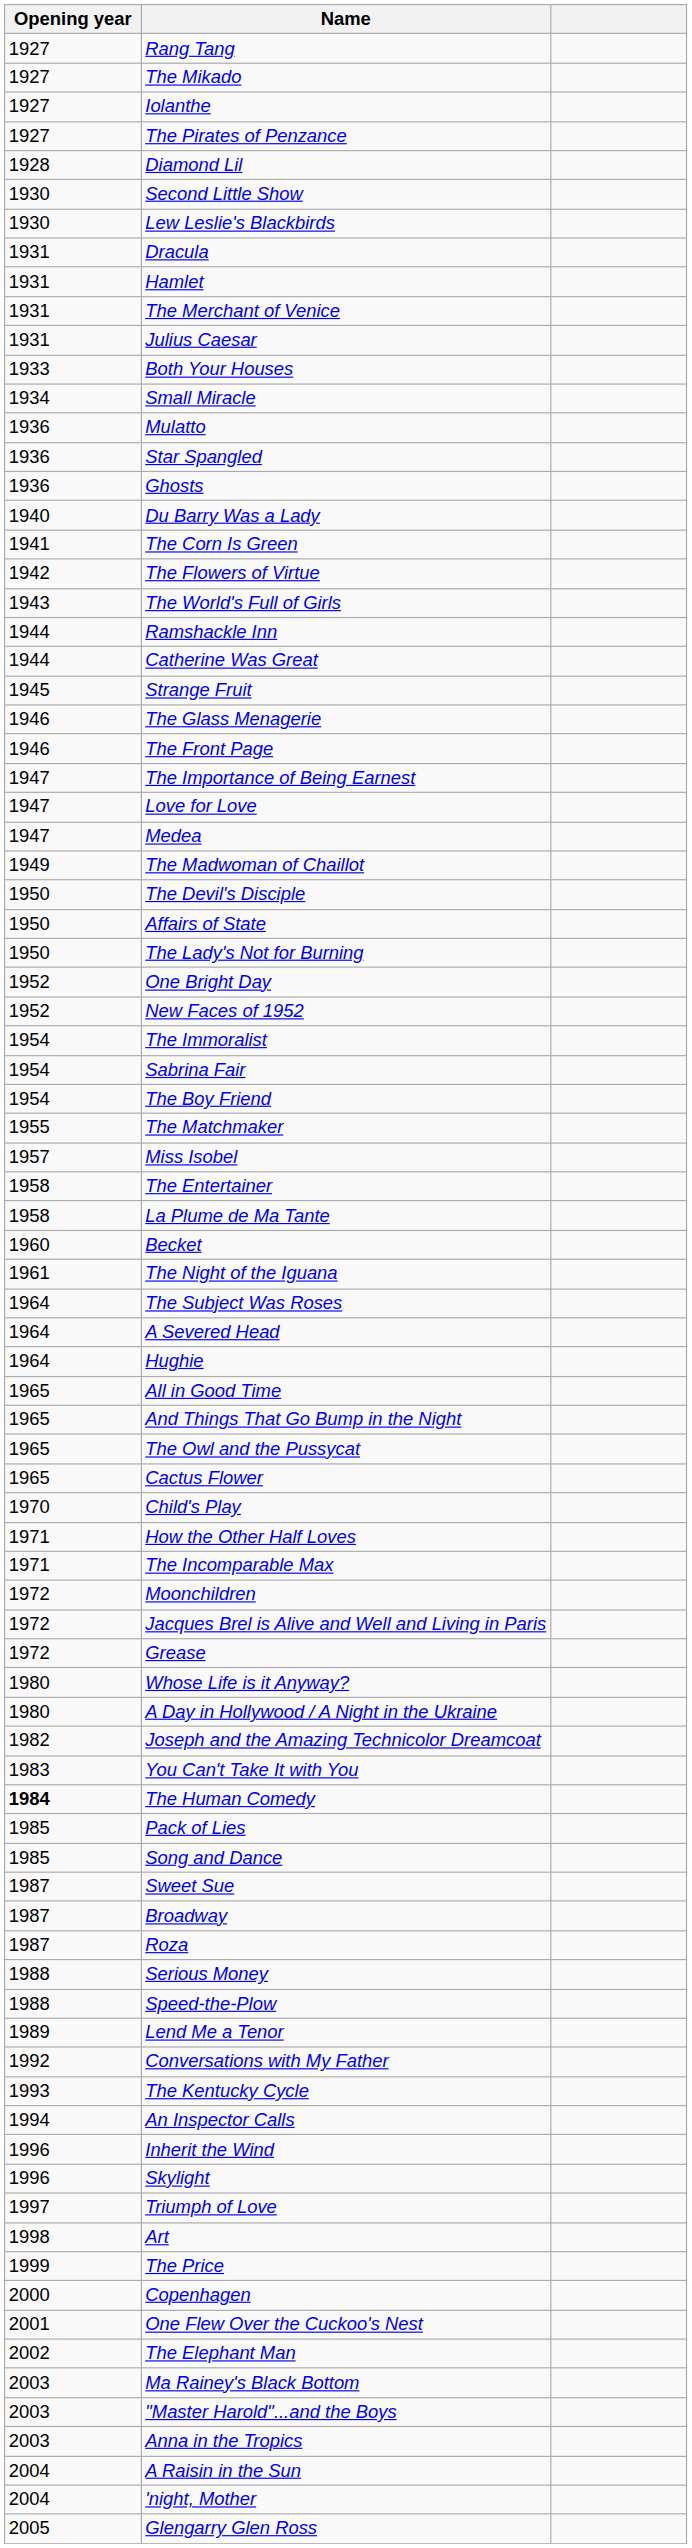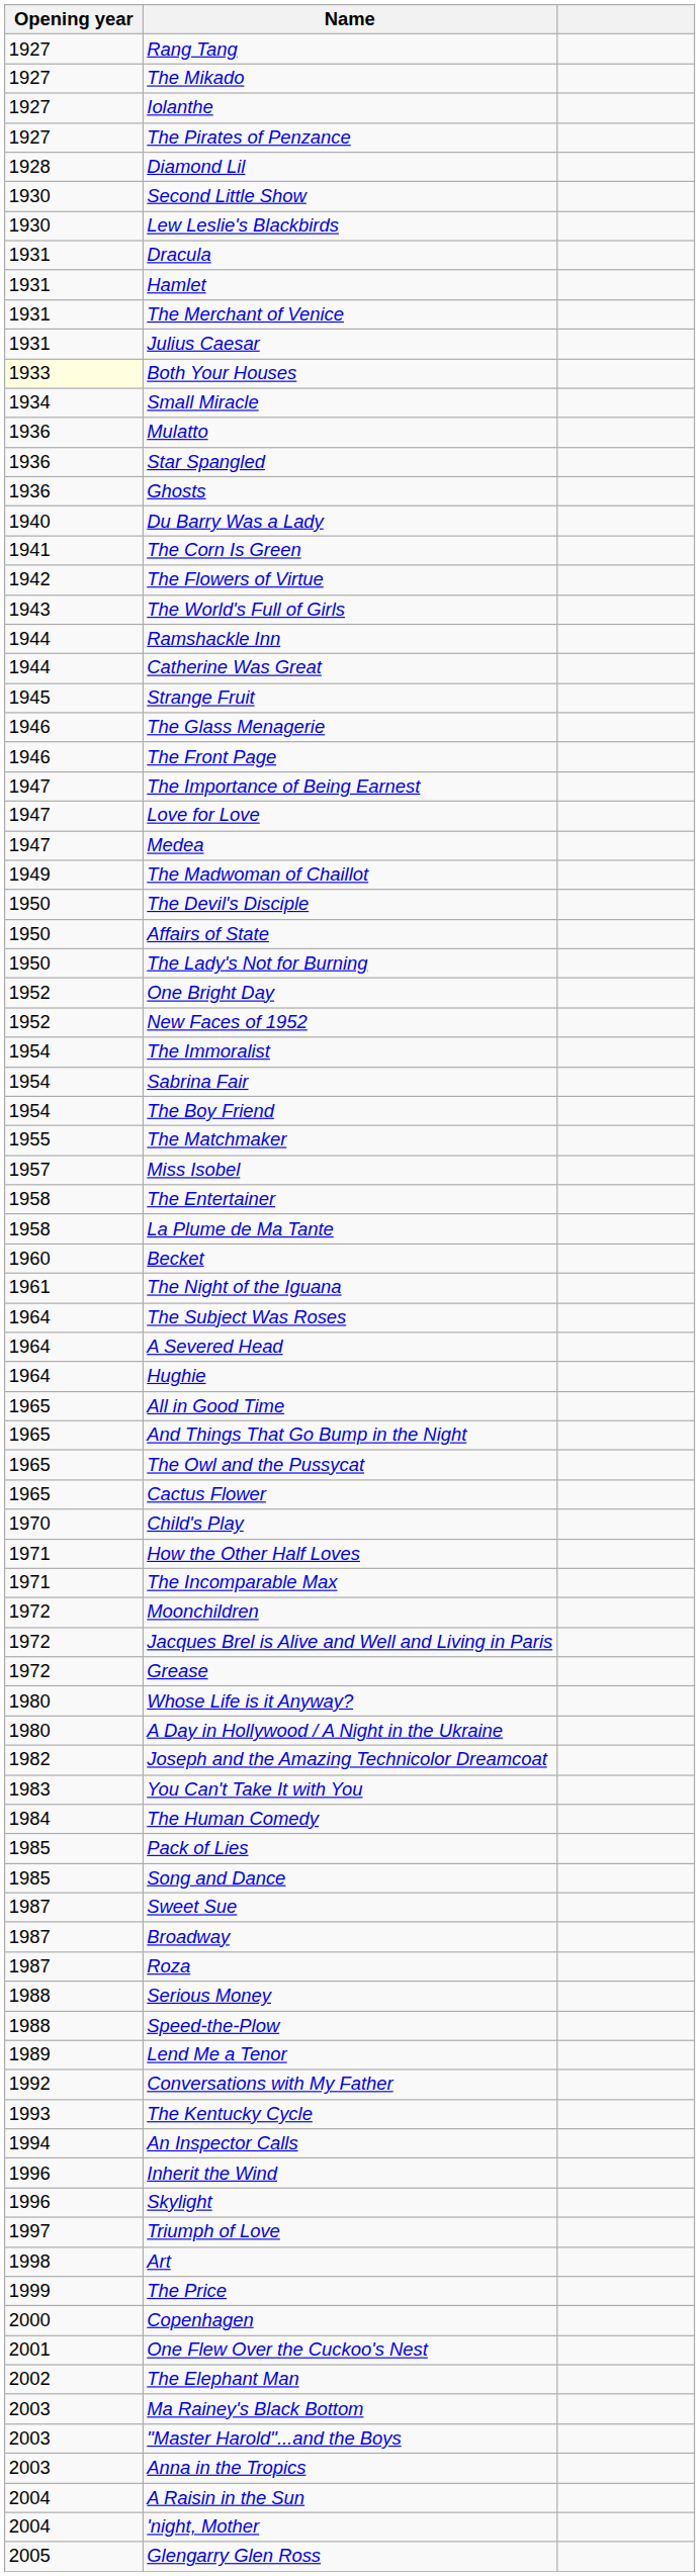 <table class="wikitable sortable collapsible">
 <tr>
 <th width=20% scope="col">Opening year</th>
 <th width=60% scope="col">Name</th>
 <th width=20% scope="col" class="unsortable"></th>
 </tr>
 <tr>
 <td>1927</td>
 <td><em><a href='#'>Rang Tang</a></em></td>
 <td></td>
 </tr>
 <tr>
 <td>1927</td>
 <td><em><a href='#'>The Mikado</a></em></td>
 <td></td>
 </tr>
 <tr>
 <td>1927</td>
 <td><em><a href='#'>Iolanthe</a></em></td>
 <td></td>
 </tr>
 <tr>
 <td>1927</td>
 <td><em><a href='#'>The Pirates of Penzance</a></em></td>
 <td></td>
 </tr>
 <tr>
 <td>1928</td>
 <td><em><a href='#'>Diamond Lil</a></em></td>
 <td></td>
 </tr>
 <tr>
 <td>1930</td>
 <td><em><a href='#'>Second Little Show</a></em></td>
 <td></td>
 </tr>
 <tr>
 <td>1930</td>
 <td><em><a href='#'>Lew Leslie's Blackbirds</a></em></td>
 <td></td>
 </tr>
 <tr>
 <td>1931</td>
 <td><em><a href='#'>Dracula</a></em></td>
 <td></td>
 </tr>
 <tr>
 <td>1931</td>
 <td><em><a href='#'>Hamlet</a></em></td>
 <td></td>
 </tr>
 <tr>
 <td>1931</td>
 <td><em><a href='#'>The Merchant of Venice</a></em></td>
 <td></td>
 </tr>
 <tr>
 <td>1931</td>
 <td><em><a href='#'>Julius Caesar</a></em></td>
 <td></td>
 </tr>
 <tr>
-<td>1933</td>
+<td style="background: lightyellow;">1933</td>
 <td><em><a href='#'>Both Your Houses</a></em></td>
 <td></td>
 </tr>
 <tr>
 <td>1934</td>
 <td><em><a href='#'>Small Miracle</a></em></td>
 <td></td>
 </tr>
 <tr>
 <td>1936</td>
 <td><em><a href='#'>Mulatto</a></em></td>
 <td></td>
 </tr>
 <tr>
 <td>1936</td>
 <td><em><a href='#'>Star Spangled</a></em></td>
 <td></td>
 </tr>
 <tr>
 <td>1936</td>
 <td><em><a href='#'>Ghosts</a></em></td>
 <td></td>
 </tr>
 <tr>
 <td>1940</td>
 <td><em><a href='#'>Du Barry Was a Lady</a></em></td>
 <td></td>
 </tr>
 <tr>
 <td>1941</td>
 <td><em><a href='#'>The Corn Is Green</a></em></td>
 <td></td>
 </tr>
 <tr>
 <td>1942</td>
 <td><em><a href='#'>The Flowers of Virtue</a></em></td>
 <td></td>
 </tr>
 <tr>
 <td>1943</td>
 <td><em><a href='#'>The World's Full of Girls</a></em></td>
 <td></td>
 </tr>
 <tr>
 <td>1944</td>
 <td><em><a href='#'>Ramshackle Inn</a></em></td>
 <td></td>
 </tr>
 <tr>
 <td>1944</td>
 <td><em><a href='#'>Catherine Was Great</a></em></td>
 <td></td>
 </tr>
 <tr>
 <td>1945</td>
 <td><em><a href='#'>Strange Fruit</a></em></td>
 <td></td>
 </tr>
 <tr>
 <td>1946</td>
 <td><em><a href='#'>The Glass Menagerie</a></em></td>
 <td></td>
 </tr>
 <tr>
 <td>1946</td>
 <td><em><a href='#'>The Front Page</a></em></td>
 <td></td>
 </tr>
 <tr>
 <td>1947</td>
 <td><em><a href='#'>The Importance of Being Earnest</a></em></td>
 <td></td>
 </tr>
 <tr>
 <td>1947</td>
 <td><em><a href='#'>Love for Love</a></em></td>
 <td></td>
 </tr>
 <tr>
 <td>1947</td>
 <td><em><a href='#'>Medea</a></em></td>
 <td></td>
 </tr>
 <tr>
 <td>1949</td>
 <td><em><a href='#'>The Madwoman of Chaillot</a></em></td>
 <td></td>
 </tr>
 <tr>
 <td>1950</td>
 <td><em><a href='#'>The Devil's Disciple</a></em></td>
 <td></td>
 </tr>
 <tr>
 <td>1950</td>
 <td><em><a href='#'>Affairs of State</a></em></td>
 <td></td>
 </tr>
 <tr>
 <td>1950</td>
 <td><em><a href='#'>The Lady's Not for Burning</a></em></td>
 <td></td>
 </tr>
 <tr>
 <td>1952</td>
 <td><em><a href='#'>One Bright Day</a></em></td>
 <td></td>
 </tr>
 <tr>
 <td>1952</td>
 <td><em><a href='#'>New Faces of 1952</a></em></td>
 <td></td>
 </tr>
 <tr>
 <td>1954</td>
 <td><em><a href='#'>The Immoralist</a></em></td>
 <td></td>
 </tr>
 <tr>
 <td>1954</td>
 <td><em><a href='#'>Sabrina Fair</a></em></td>
 <td></td>
 </tr>
 <tr>
 <td>1954</td>
 <td><em><a href='#'>The Boy Friend</a></em></td>
 <td></td>
 </tr>
 <tr>
 <td>1955</td>
 <td><em><a href='#'>The Matchmaker</a></em></td>
 <td></td>
 </tr>
 <tr>
 <td>1957</td>
 <td><em><a href='#'>Miss Isobel</a></em></td>
 <td></td>
 </tr>
 <tr>
 <td>1958</td>
 <td><em><a href='#'>The Entertainer</a></em></td>
 <td></td>
 </tr>
 <tr>
 <td>1958</td>
 <td><em><a href='#'>La Plume de Ma Tante</a></em></td>
 <td></td>
 </tr>
 <tr>
 <td>1960</td>
 <td><em><a href='#'>Becket</a></em></td>
 <td></td>
 </tr>
 <tr>
 <td>1961</td>
 <td><em><a href='#'>The Night of the Iguana</a></em></td>
 <td></td>
 </tr>
 <tr>
 <td>1964</td>
 <td><em><a href='#'>The Subject Was Roses</a></em></td>
 <td></td>
 </tr>
 <tr>
 <td>1964</td>
 <td><em><a href='#'>A Severed Head</a></em></td>
 <td></td>
 </tr>
 <tr>
 <td>1964</td>
 <td><em><a href='#'>Hughie</a></em></td>
 <td></td>
 </tr>
 <tr>
 <td>1965</td>
 <td><em><a href='#'>All in Good Time</a></em></td>
 <td></td>
 </tr>
 <tr>
 <td>1965</td>
 <td><em><a href='#'>And Things That Go Bump in the Night</a></em></td>
 <td></td>
 </tr>
 <tr>
 <td>1965</td>
 <td><em><a href='#'>The Owl and the Pussycat</a></em></td>
 <td></td>
 </tr>
 <tr>
 <td>1965</td>
 <td><em><a href='#'>Cactus Flower</a></em></td>
 <td></td>
 </tr>
 <tr>
 <td>1970</td>
 <td><em><a href='#'>Child's Play</a></em></td>
 <td></td>
 </tr>
 <tr>
 <td>1971</td>
 <td><em><a href='#'>How the Other Half Loves</a></em></td>
 <td></td>
 </tr>
 <tr>
 <td>1971</td>
 <td><em><a href='#'>The Incomparable Max</a></em></td>
 <td></td>
 </tr>
 <tr>
 <td>1972</td>
 <td><em><a href='#'>Moonchildren</a></em></td>
 <td></td>
 </tr>
 <tr>
 <td>1972</td>
 <td><em><a href='#'>Jacques Brel is Alive and Well and Living in Paris</a></em></td>
 <td></td>
 </tr>
 <tr>
 <td>1972</td>
 <td><em><a href='#'>Grease</a></em></td>
 <td></td>
 </tr>
 <tr>
 <td>1980</td>
 <td><em><a href='#'>Whose Life is it Anyway?</a></em></td>
 <td></td>
 </tr>
 <tr>
 <td>1980</td>
 <td><em><a href='#'>A Day in Hollywood / A Night in the Ukraine</a></em></td>
 <td></td>
 </tr>
 <tr>
 <td>1982</td>
 <td><em><a href='#'>Joseph and the Amazing Technicolor Dreamcoat</a></em></td>
 <td></td>
 </tr>
 <tr>
 <td>1983</td>
 <td><em><a href='#'>You Can't Take It with You</a></em></td>
 <td></td>
 </tr>
 <tr>
-<td><strong>1984</strong></td>
+<td>1984</td>
 <td><em><a href='#'>The Human Comedy</a></em></td>
 <td></td>
 </tr>
 <tr>
 <td>1985</td>
 <td><em><a href='#'>Pack of Lies</a></em></td>
 <td></td>
 </tr>
 <tr>
 <td>1985</td>
 <td><em><a href='#'>Song and Dance</a></em></td>
 <td></td>
 </tr>
 <tr>
 <td>1987</td>
 <td><em><a href='#'>Sweet Sue</a></em></td>
 <td></td>
 </tr>
 <tr>
 <td>1987</td>
 <td><em><a href='#'>Broadway</a></em></td>
 <td></td>
 </tr>
 <tr>
 <td>1987</td>
 <td><em><a href='#'>Roza</a></em></td>
 <td></td>
 </tr>
 <tr>
 <td>1988</td>
 <td><em><a href='#'>Serious Money</a></em></td>
 <td></td>
 </tr>
 <tr>
 <td>1988</td>
 <td><em><a href='#'>Speed-the-Plow</a></em></td>
 <td></td>
 </tr>
 <tr>
 <td>1989</td>
 <td><em><a href='#'>Lend Me a Tenor</a></em></td>
 <td></td>
 </tr>
 <tr>
 <td>1992</td>
 <td><em><a href='#'>Conversations with My Father</a></em></td>
 <td></td>
 </tr>
 <tr>
 <td>1993</td>
 <td><em><a href='#'>The Kentucky Cycle</a></em></td>
 <td></td>
 </tr>
 <tr>
 <td>1994</td>
 <td><em><a href='#'>An Inspector Calls</a></em></td>
 <td></td>
 </tr>
 <tr>
 <td>1996</td>
 <td><em><a href='#'>Inherit the Wind</a></em></td>
 <td></td>
 </tr>
 <tr>
 <td>1996</td>
 <td><em><a href='#'>Skylight</a></em></td>
 <td></td>
 </tr>
 <tr>
 <td>1997</td>
 <td><em><a href='#'>Triumph of Love</a></em></td>
 <td></td>
 </tr>
 <tr>
 <td>1998</td>
 <td><em><a href='#'>Art</a></em></td>
 <td></td>
 </tr>
 <tr>
 <td>1999</td>
 <td><em><a href='#'>The Price</a></em></td>
 <td></td>
 </tr>
 <tr>
 <td>2000</td>
 <td><em><a href='#'>Copenhagen</a></em></td>
 <td></td>
 </tr>
 <tr>
 <td>2001</td>
 <td><em><a href='#'>One Flew Over the Cuckoo's Nest</a></em></td>
 <td></td>
 </tr>
 <tr>
 <td>2002</td>
 <td><em><a href='#'>The Elephant Man</a></em></td>
 <td></td>
 </tr>
 <tr>
 <td>2003</td>
 <td><em><a href='#'>Ma Rainey's Black Bottom</a></em></td>
 <td></td>
 </tr>
 <tr>
 <td>2003</td>
 <td><em><a href='#'>"Master Harold"...and the Boys</a></em></td>
 <td></td>
 </tr>
 <tr>
 <td>2003</td>
 <td><em><a href='#'>Anna in the Tropics</a></em></td>
 <td></td>
 </tr>
 <tr>
 <td>2004</td>
 <td><em><a href='#'>A Raisin in the Sun</a></em></td>
 <td></td>
 </tr>
 <tr>
 <td>2004</td>
 <td><em><a href='#'>'night, Mother</a></em></td>
 <td></td>
 </tr>
 <tr>
 <td>2005</td>
 <td><em><a href='#'>Glengarry Glen Ross</a></em></td>
 <td></td>
 </tr>
 </table>
